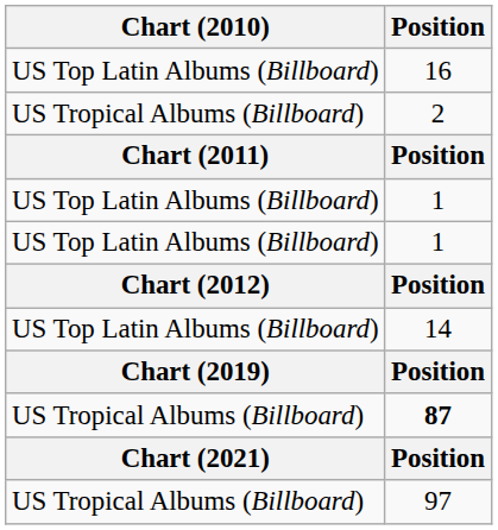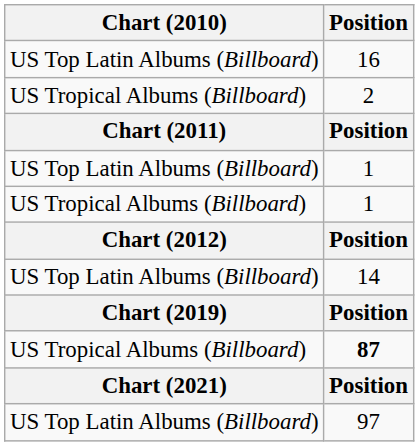 <table class="wikitable">
 <tr>
 <th>Chart (2010)</th>
 <th>Position</th>
 </tr>
 <tr>
 <td>US Top Latin Albums (<em>Billboard</em>)</td>
 <td style="text-align:center;">16</td>
 </tr>
 <tr>
 <td>US Tropical Albums (<em>Billboard</em>)</td>
 <td style="text-align:center;">2</td>
 </tr>
 <tr>
 <th>Chart (2011)</th>
 <th>Position</th>
 </tr>
 <tr>
 <td>US Top Latin Albums (<em>Billboard</em>)</td>
 <td style="text-align:center;">1</td>
 </tr>
 <tr>
-<td>US Top Latin Albums (<em>Billboard</em>)</td>
+<td>US Tropical Albums (<em>Billboard</em>)</td>
 <td style="text-align:center;">1</td>
 </tr>
 <tr>
 <th>Chart (2012)</th>
 <th>Position</th>
 </tr>
 <tr>
 <td>US Top Latin Albums (<em>Billboard</em>)</td>
 <td style="text-align:center;">14</td>
 </tr>
 <tr>
 <th>Chart (2019)</th>
 <th>Position</th>
 </tr>
 <tr>
 <td>US Tropical Albums (<em>Billboard</em>)</td>
 <td style="text-align:center;"><strong>87</strong></td>
 </tr>
 <tr>
 <th>Chart (2021)</th>
 <th>Position</th>
 </tr>
 <tr>
-<td>US Tropical Albums (<em>Billboard</em>)</td>
+<td>US Top Latin Albums (<em>Billboard</em>)</td>
 <td style="text-align:center;">97</td>
 </tr>
 </table>
